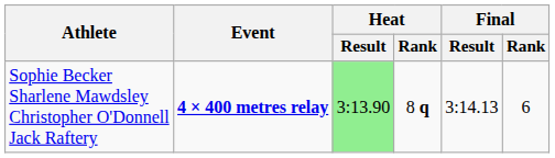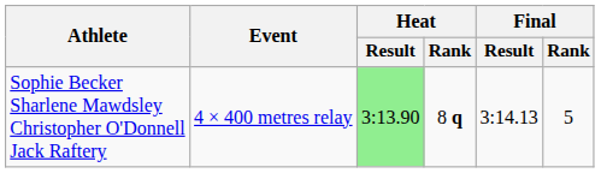 <table class="wikitable" style="font-size:90%">
 <tr>
 <th rowspan="2">Athlete</th>
 <th rowspan="2">Event</th>
 <th colspan="2">Heat</th>
 <th colspan="2">Final</th>
 </tr>
 <tr style="font-size:95%">
 <th>Result</th>
 <th>Rank</th>
 <th>Result</th>
 <th>Rank</th>
 </tr>
 <tr align=center>
 <td align=left><a href='#'>Sophie Becker</a><br><a href='#'>Sharlene Mawdsley</a><br><a href='#'>Christopher O'Donnell</a><br><a href='#'>Jack Raftery</a></td>
-<td align=left><strong><a href='#'>4 × 400 metres relay</a></strong></td>
+<td align=left><a href='#'>4 × 400 metres relay</a></td>
 <td style="background: lightgreen;">3:13.90 </td>
 <td>8 <strong>q</strong></td>
 <td>3:14.13</td>
-<td>6</td>
+<td>5</td>
 </tr>
 </table>
